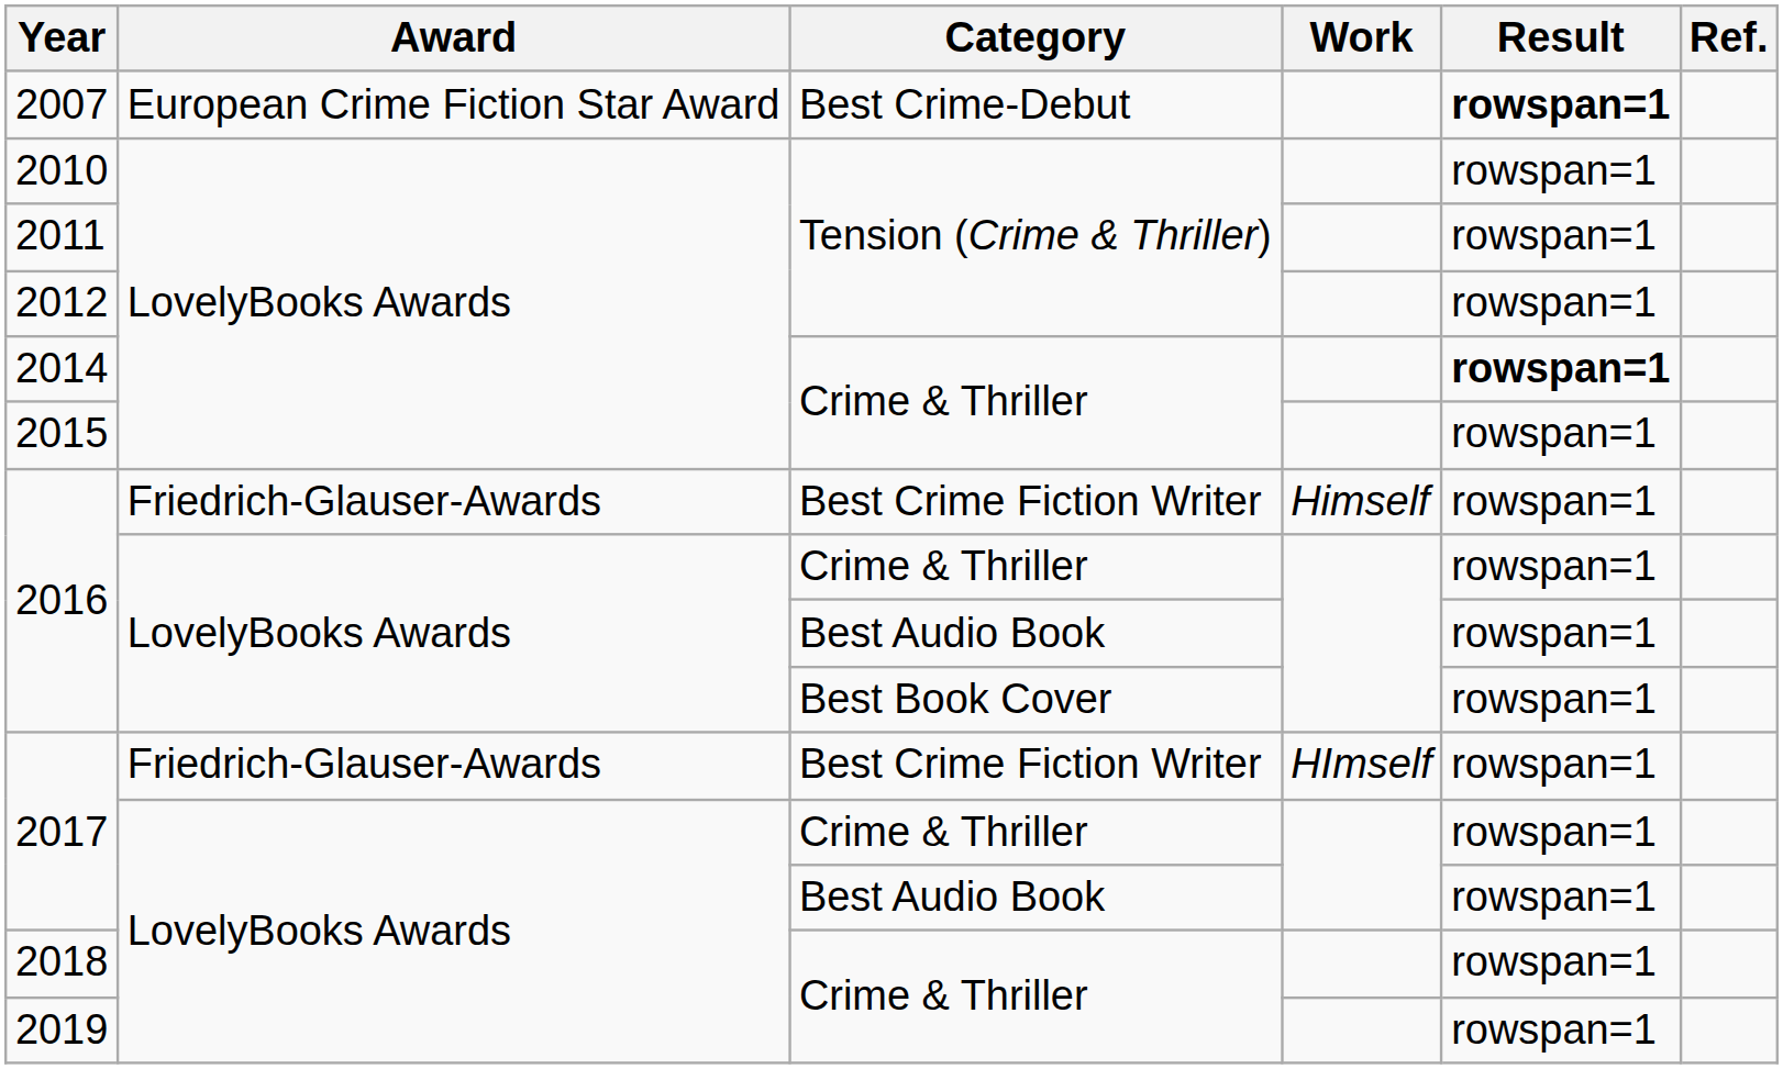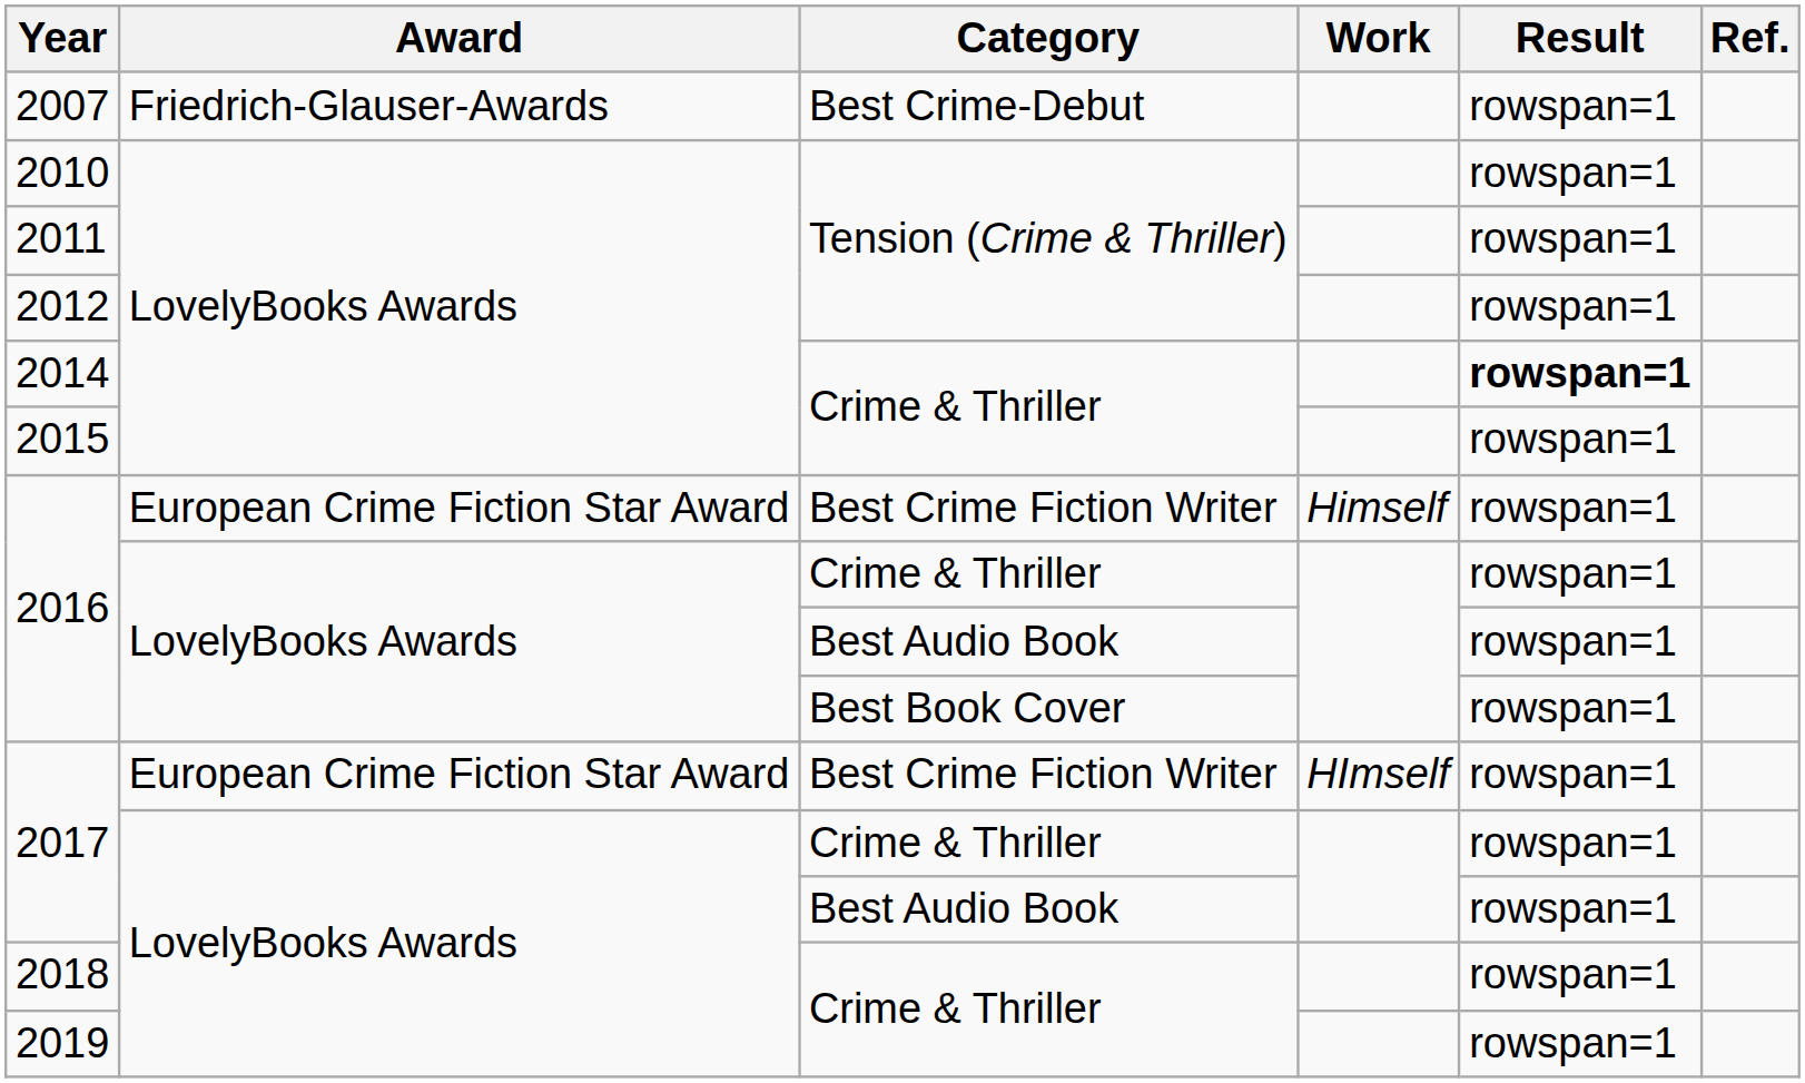 <table class="wikitable">
 <tr>
 <th>Year</th>
 <th>Award</th>
 <th>Category</th>
 <th>Work</th>
 <th>Result</th>
 <th>Ref.</th>
 </tr>
 <tr>
 <td>2007</td>
-<td>European Crime Fiction Star Award</td>
+<td>Friedrich-Glauser-Awards</td>
 <td>Best Crime-Debut</td>
 <td></td>
-<td><strong>rowspan=1 </strong></td>
+<td>rowspan=1 </td>
 <td></td>
 </tr>
 <tr>
 <td rowspan="1">2010</td>
 <td rowspan="5">LovelyBooks Awards</td>
 <td rowspan="3">Tension (<em>Crime & Thriller</em>)</td>
 <td rowspan="1"></td>
 <td>rowspan=1 </td>
 <td></td>
 </tr>
 <tr>
 <td rowspan="1">2011</td>
 <td rowspan="1"></td>
 <td>rowspan=1 </td>
 <td></td>
 </tr>
 <tr>
 <td>2012</td>
 <td></td>
 <td>rowspan=1 </td>
 <td></td>
 </tr>
 <tr>
 <td>2014</td>
 <td rowspan="2">Crime & Thriller</td>
 <td></td>
 <td><strong>rowspan=1 </strong></td>
 <td></td>
 </tr>
 <tr>
 <td>2015</td>
 <td></td>
 <td>rowspan=1 </td>
 <td></td>
 </tr>
 <tr>
 <td rowspan="4">2016</td>
-<td>Friedrich-Glauser-Awards</td>
+<td>European Crime Fiction Star Award</td>
 <td>Best Crime Fiction Writer</td>
 <td><em>Himself</em></td>
 <td>rowspan=1 </td>
 <td></td>
 </tr>
 <tr>
 <td rowspan="3">LovelyBooks Awards</td>
 <td>Crime & Thriller</td>
 <td rowspan="3"></td>
 <td>rowspan=1 </td>
 <td></td>
 </tr>
 <tr>
 <td>Best Audio Book</td>
 <td>rowspan=1 </td>
 <td></td>
 </tr>
 <tr>
 <td>Best Book Cover</td>
 <td>rowspan=1 </td>
 <td></td>
 </tr>
 <tr>
 <td rowspan="3">2017</td>
-<td>Friedrich-Glauser-Awards</td>
+<td>European Crime Fiction Star Award</td>
 <td>Best Crime Fiction Writer</td>
 <td><em>HImself</em></td>
 <td>rowspan=1 </td>
 <td></td>
 </tr>
 <tr>
 <td rowspan="4">LovelyBooks Awards</td>
 <td>Crime & Thriller</td>
 <td rowspan="2"></td>
 <td>rowspan=1 </td>
 <td></td>
 </tr>
 <tr>
 <td>Best Audio Book</td>
 <td>rowspan=1 </td>
 <td></td>
 </tr>
 <tr>
 <td>2018</td>
 <td rowspan="2">Crime & Thriller</td>
 <td></td>
 <td>rowspan=1 </td>
 <td></td>
 </tr>
 <tr>
 <td>2019</td>
 <td></td>
 <td>rowspan=1 </td>
 <td></td>
 </tr>
 </table>
